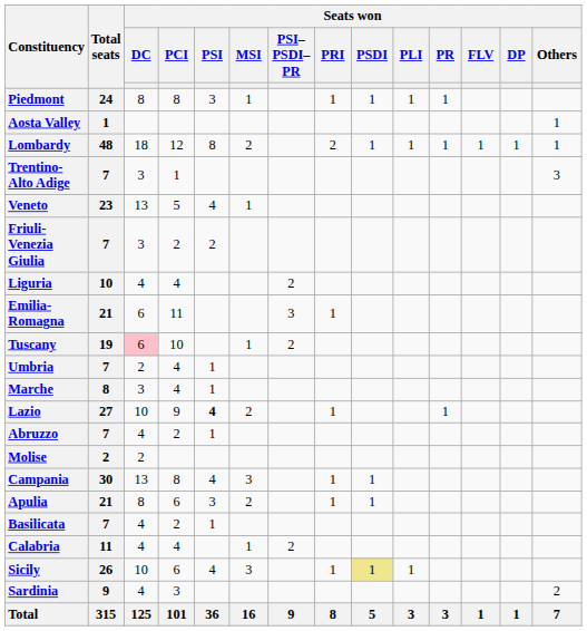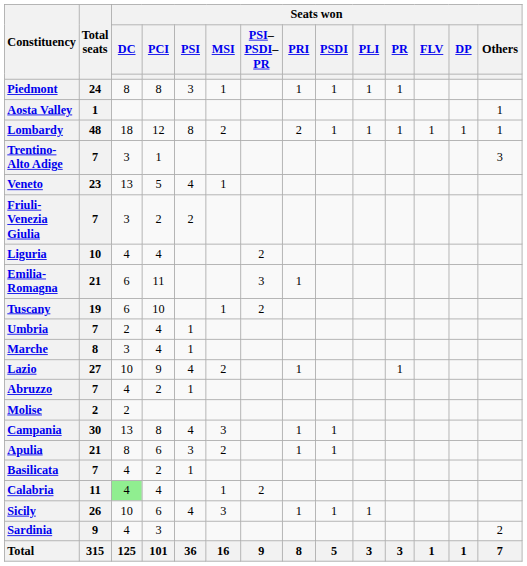 <table class="wikitable" style="text-align:center; font-size: 0.9em">
 <tr>
 <th rowspan="3">Constituency</th>
 <th rowspan="3">Total<br>seats</th>
 <th colspan="12">Seats won</th>
 </tr>
 <tr>
 <th class="unsortable" style="width:50px;"><a href='#'>DC</a></th>
 <th class="unsortable" style="width:50px;"><a href='#'>PCI</a></th>
 <th class="unsortable" style="width:50px;"><a href='#'>PSI</a></th>
 <th class="unsortable" style="width:50px;"><a href='#'>MSI</a></th>
 <th class="unsortable" style="width:50px;"><a href='#'>PSI</a>–<a href='#'>PSDI</a>–<a href='#'>PR</a></th>
 <th class="unsortable" style="width:50px;"><a href='#'>PRI</a></th>
 <th class="unsortable" style="width:50px;"><a href='#'>PSDI</a></th>
 <th class="unsortable" style="width:50px;"><a href='#'>PLI</a></th>
 <th class="unsortable" style="width:50px;"><a href='#'>PR</a></th>
 <th class="unsortable" style="width:50px;"><a href='#'>FLV</a></th>
 <th class="unsortable" style="width:50px;"><a href='#'>DP</a></th>
 <th class="unsortable" style="width:50px;">Others</th>
 </tr>
 <tr>
 <th style="background:"></th>
 <th style="background:"></th>
 <th style="background:"></th>
 <th style="background:"></th>
 <th style="background:"></th>
 <th style="background:"></th>
 <th style="background:"></th>
 <th style="background:"></th>
 <th style="background:"></th>
 <th style="background:"></th>
 <th style="background:"></th>
 <th style="background:"></th>
 </tr>
 <tr>
 <th style="text-align: left;"><a href='#'>Piedmont</a></th>
 <th>24</th>
 <td>8</td>
 <td>8</td>
 <td>3</td>
 <td>1</td>
 <td></td>
 <td>1</td>
 <td>1</td>
 <td>1</td>
 <td>1</td>
 <td></td>
 <td></td>
 <td></td>
 </tr>
 <tr>
 <th style="text-align: left;"><a href='#'>Aosta Valley</a></th>
 <th>1</th>
 <td></td>
 <td></td>
 <td></td>
 <td></td>
 <td></td>
 <td></td>
 <td></td>
 <td></td>
 <td></td>
 <td></td>
 <td></td>
 <td>1</td>
 </tr>
 <tr>
 <th style="text-align: left;"><a href='#'>Lombardy</a></th>
 <th>48</th>
 <td>18</td>
 <td>12</td>
 <td>8</td>
 <td>2</td>
 <td></td>
 <td>2</td>
 <td>1</td>
 <td>1</td>
 <td>1</td>
 <td>1</td>
 <td>1</td>
 <td>1</td>
 </tr>
 <tr>
 <th style="text-align: left;"><a href='#'>Trentino-Alto Adige</a></th>
 <th>7</th>
 <td>3</td>
 <td>1</td>
 <td></td>
 <td></td>
 <td></td>
 <td></td>
 <td></td>
 <td></td>
 <td></td>
 <td></td>
 <td></td>
 <td>3</td>
 </tr>
 <tr>
 <th style="text-align: left;"><a href='#'>Veneto</a></th>
 <th>23</th>
 <td>13</td>
 <td>5</td>
 <td>4</td>
 <td>1</td>
 <td></td>
 <td></td>
 <td></td>
 <td></td>
 <td></td>
 <td></td>
 <td></td>
 <td></td>
 </tr>
 <tr>
 <th style="text-align: left;"><a href='#'>Friuli-Venezia Giulia</a></th>
 <th>7</th>
 <td>3</td>
 <td>2</td>
 <td>2</td>
 <td></td>
 <td></td>
 <td></td>
 <td></td>
 <td></td>
 <td></td>
 <td></td>
 <td></td>
 <td></td>
 </tr>
 <tr>
 <th style="text-align: left;"><a href='#'>Liguria</a></th>
 <th>10</th>
 <td>4</td>
 <td>4</td>
 <td></td>
 <td></td>
 <td>2</td>
 <td></td>
 <td></td>
 <td></td>
 <td></td>
 <td></td>
 <td></td>
 <td></td>
 </tr>
 <tr>
 <th style="text-align: left;"><a href='#'>Emilia-Romagna</a></th>
 <th>21</th>
 <td>6</td>
 <td>11</td>
 <td></td>
 <td></td>
 <td>3</td>
 <td>1</td>
 <td></td>
 <td></td>
 <td></td>
 <td></td>
 <td></td>
 <td></td>
 </tr>
 <tr>
 <th style="text-align: left;"><a href='#'>Tuscany</a></th>
 <th>19</th>
-<td style="background: pink;">6</td>
+<td>6</td>
 <td>10</td>
 <td></td>
 <td>1</td>
 <td>2</td>
 <td></td>
 <td></td>
 <td></td>
 <td></td>
 <td></td>
 <td></td>
 <td></td>
 </tr>
 <tr>
 <th style="text-align: left;"><a href='#'>Umbria</a></th>
 <th>7</th>
 <td>2</td>
 <td>4</td>
 <td>1</td>
 <td></td>
 <td></td>
 <td></td>
 <td></td>
 <td></td>
 <td></td>
 <td></td>
 <td></td>
 <td></td>
 </tr>
 <tr>
 <th style="text-align: left;"><a href='#'>Marche</a></th>
 <th>8</th>
 <td>3</td>
 <td>4</td>
 <td>1</td>
 <td></td>
 <td></td>
 <td></td>
 <td></td>
 <td></td>
 <td></td>
 <td></td>
 <td></td>
 <td></td>
 </tr>
 <tr>
 <th style="text-align: left;"><a href='#'>Lazio</a></th>
 <th>27</th>
 <td>10</td>
 <td>9</td>
-<td><strong>4</strong></td>
+<td>4</td>
 <td>2</td>
 <td></td>
 <td>1</td>
 <td></td>
 <td></td>
 <td>1</td>
 <td></td>
 <td></td>
 <td></td>
 </tr>
 <tr>
 <th style="text-align: left;"><a href='#'>Abruzzo</a></th>
 <th>7</th>
 <td>4</td>
 <td>2</td>
 <td>1</td>
 <td></td>
 <td></td>
 <td></td>
 <td></td>
 <td></td>
 <td></td>
 <td></td>
 <td></td>
 <td></td>
 </tr>
 <tr>
 <th style="text-align: left;"><a href='#'>Molise</a></th>
 <th>2</th>
 <td>2</td>
 <td></td>
 <td></td>
 <td></td>
 <td></td>
 <td></td>
 <td></td>
 <td></td>
 <td></td>
 <td></td>
 <td></td>
 <td></td>
 </tr>
 <tr>
 <th style="text-align: left;"><a href='#'>Campania</a></th>
 <th>30</th>
 <td>13</td>
 <td>8</td>
 <td>4</td>
 <td>3</td>
 <td></td>
 <td>1</td>
 <td>1</td>
 <td></td>
 <td></td>
 <td></td>
 <td></td>
 <td></td>
 </tr>
 <tr>
 <th style="text-align: left;"><a href='#'>Apulia</a></th>
 <th>21</th>
 <td>8</td>
 <td>6</td>
 <td>3</td>
 <td>2</td>
 <td></td>
 <td>1</td>
 <td>1</td>
 <td></td>
 <td></td>
 <td></td>
 <td></td>
 <td></td>
 </tr>
 <tr>
 <th style="text-align: left;"><a href='#'>Basilicata</a></th>
 <th>7</th>
 <td>4</td>
 <td>2</td>
 <td>1</td>
 <td></td>
 <td></td>
 <td></td>
 <td></td>
 <td></td>
 <td></td>
 <td></td>
 <td></td>
 <td></td>
 </tr>
 <tr>
 <th style="text-align: left;"><a href='#'>Calabria</a></th>
 <th>11</th>
-<td>4</td>
+<td style="background: lightgreen;">4</td>
 <td>4</td>
 <td></td>
 <td>1</td>
 <td>2</td>
 <td></td>
 <td></td>
 <td></td>
 <td></td>
 <td></td>
 <td></td>
 <td></td>
 </tr>
 <tr>
 <th style="text-align: left;"><a href='#'>Sicily</a></th>
 <th>26</th>
 <td>10</td>
 <td>6</td>
 <td>4</td>
 <td>3</td>
 <td></td>
 <td>1</td>
-<td style="background: khaki;">1</td>
+<td>1</td>
 <td>1</td>
 <td></td>
 <td></td>
 <td></td>
 <td></td>
 </tr>
 <tr>
 <th style="text-align: left;"><a href='#'>Sardinia</a></th>
 <th>9</th>
 <td>4</td>
 <td>3</td>
 <td></td>
 <td></td>
 <td></td>
 <td></td>
 <td></td>
 <td></td>
 <td></td>
 <td></td>
 <td></td>
 <td>2</td>
 </tr>
 <tr>
 <th style="text-align: left;">Total</th>
 <th>315</th>
 <th>125</th>
 <th>101</th>
 <th>36</th>
 <th>16</th>
 <th>9</th>
 <th>8</th>
 <th>5</th>
 <th>3</th>
 <th>3</th>
 <th>1</th>
 <th>1</th>
 <th>7</th>
 </tr>
 </table>
